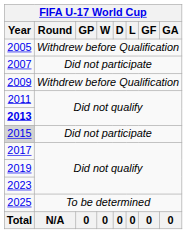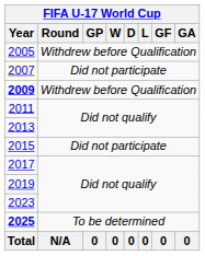 <table class="wikitable" style="text-align: center;">
 <tr>
 <th colspan=8><a href='#'>FIFA U-17 World Cup</a></th>
 </tr>
 <tr>
 <th>Year</th>
 <th>Round</th>
 <th>GP</th>
 <th>W</th>
 <th>D</th>
 <th>L</th>
 <th>GF</th>
 <th>GA</th>
 </tr>
 <tr>
 <td> <a href='#'>2005</a></td>
 <td colspan="8"><em>Withdrew before Qualification</em></td>
 </tr>
 <tr>
-<td> <a href='#'>2007</a></td>
+<td style="background: lightyellow;"> <a href='#'>2007</a></td>
 <td colspan="8"><em>Did not participate</em></td>
 </tr>
 <tr>
-<td> <a href='#'>2009</a></td>
+<td><strong> <a href='#'>2009</a></strong></td>
 <td colspan="8"><em>Withdrew before Qualification</em></td>
 </tr>
 <tr>
 <td> <a href='#'>2011</a></td>
 <td rowspan=2 colspan=7><em>Did not qualify</em></td>
 </tr>
 <tr>
-<td><strong> <a href='#'>2013</a></strong></td>
+<td> <a href='#'>2013</a></td>
 </tr>
 <tr>
-<td style="background: lightgrey;"> <a href='#'>2015</a></td>
+<td> <a href='#'>2015</a></td>
 <td colspan="8"><em>Did not participate</em></td>
 </tr>
 <tr>
 <td> <a href='#'>2017</a></td>
 <td rowspan=3 colspan=7><em>Did not qualify</em></td>
 </tr>
 <tr>
 <td> <a href='#'>2019</a></td>
 </tr>
 <tr>
 <td> <a href='#'>2023</a></td>
 </tr>
 <tr>
-<td> <a href='#'>2025</a></td>
+<td><strong> <a href='#'>2025</a></strong></td>
 <td colspan=7><em>To be determined</em></td>
 </tr>
 <tr>
 <th>Total</th>
 <th>N/A</th>
 <th>0</th>
 <th>0</th>
 <th>0</th>
 <th>0</th>
 <th>0</th>
 <th>0</th>
 </tr>
 </table>
